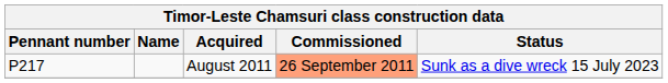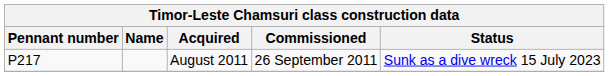 <table class=wikitable>
 <tr>
 <th colspan="5" align="center">Timor-Leste Chamsuri class construction data</th>
 </tr>
 <tr>
 <th>Pennant number</th>
 <th>Name</th>
 <th>Acquired</th>
 <th>Commissioned</th>
 <th>Status</th>
 </tr>
 <tr>
 <td>P217</td>
 <td></td>
 <td>August 2011</td>
-<td style="background: lightsalmon;">26 September 2011</td>
+<td>26 September 2011</td>
 <td><a href='#'>Sunk as a dive wreck</a> 15 July 2023</td>
 </tr>
 <tr>
 </tr>
 </table>
